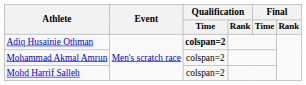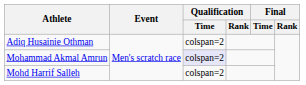 <table class="wikitable" style="font-size:90%;">
 <tr>
 <th rowspan=2>Athlete</th>
 <th rowspan=2>Event</th>
 <th colspan=2>Qualification</th>
 <th colspan=2>Final</th>
 </tr>
 <tr style="font-size:95%">
 <th>Time</th>
 <th>Rank</th>
 <th>Time</th>
 <th>Rank</th>
 </tr>
 <tr align=center>
 <td align=left><a href='#'>Adiq Husainie Othman</a></td>
 <td align=left rowspan=3><a href='#'>Men's scratch race</a></td>
-<td><strong>colspan=2 </strong></td>
+<td>colspan=2 </td>
 <td colspan=2></td>
 </tr>
 <tr align=center>
 <td align=left><a href='#'>Mohammad Akmal Amrun</a></td>
-<td>colspan=2 </td>
+<td style="background: lavender;">colspan=2 </td>
 <td colspan=2></td>
 </tr>
 <tr align=center>
 <td align=left><a href='#'>Mohd Harrif Salleh</a></td>
 <td>colspan=2 </td>
 <td colspan=2></td>
 </tr>
 </table>
